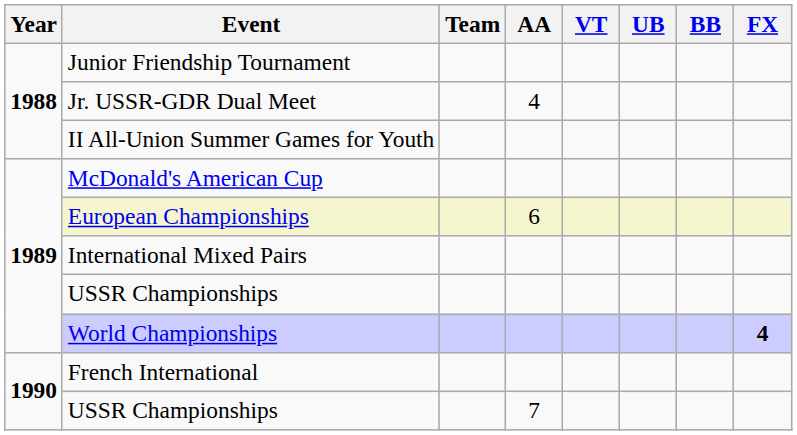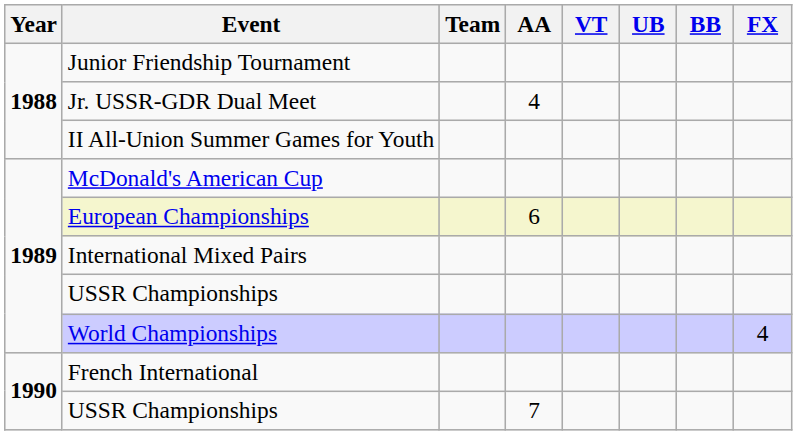 <table class="wikitable" style="text-align:center; font-size:95%;">
 <tr>
 <th align=center>Year</th>
 <th align=center>Event</th>
 <th style="width:30px;">Team</th>
 <th style="width:30px;">AA</th>
 <th style="width:30px;"><a href='#'>VT</a></th>
 <th style="width:30px;"><a href='#'>UB</a></th>
 <th style="width:30px;"><a href='#'>BB</a></th>
 <th style="width:30px;"><a href='#'>FX</a></th>
 </tr>
 <tr>
 <td rowspan="3"><strong>1988</strong></td>
 <td align=left>Junior Friendship Tournament</td>
 <td></td>
 <td></td>
 <td></td>
 <td></td>
 <td></td>
 <td></td>
 </tr>
 <tr>
 <td align=left>Jr. USSR-GDR Dual Meet</td>
 <td></td>
 <td>4</td>
 <td></td>
 <td></td>
 <td></td>
 <td></td>
 </tr>
 <tr>
 <td align=left>II All-Union Summer Games for Youth</td>
 <td></td>
 <td></td>
 <td></td>
 <td></td>
 <td></td>
 <td></td>
 </tr>
 <tr>
 <td rowspan="5"><strong>1989</strong></td>
 <td align=left><a href='#'>McDonald's American Cup</a></td>
 <td></td>
 <td></td>
 <td></td>
 <td></td>
 <td></td>
 <td></td>
 </tr>
 <tr bgcolor=#F5F6CE>
 <td align=left><a href='#'>European Championships</a></td>
 <td></td>
 <td>6</td>
 <td></td>
 <td></td>
 <td></td>
 <td></td>
 </tr>
 <tr>
 <td align=left>International Mixed Pairs</td>
 <td></td>
 <td></td>
 <td></td>
 <td></td>
 <td></td>
 <td></td>
 </tr>
 <tr>
 <td align=left>USSR Championships</td>
 <td></td>
 <td></td>
 <td></td>
 <td></td>
 <td></td>
 <td></td>
 </tr>
 <tr bgcolor=#CCCCFF>
 <td align=left><a href='#'>World Championships</a></td>
 <td></td>
 <td></td>
 <td></td>
 <td></td>
 <td></td>
-<td><strong>4</strong></td>
+<td>4</td>
 </tr>
 <tr>
 <td rowspan="2"><strong>1990</strong></td>
 <td align=left>French International</td>
 <td></td>
 <td></td>
 <td></td>
 <td></td>
 <td></td>
 <td></td>
 </tr>
 <tr>
 <td align=left>USSR Championships</td>
 <td></td>
 <td>7</td>
 <td></td>
 <td></td>
 <td></td>
 <td></td>
 </tr>
 </table>
